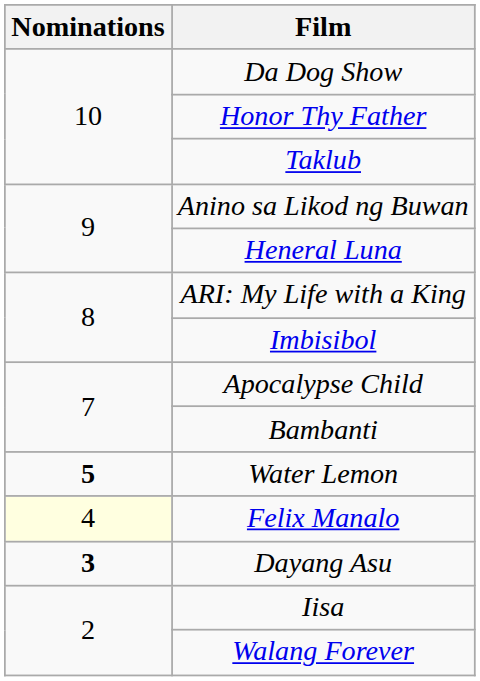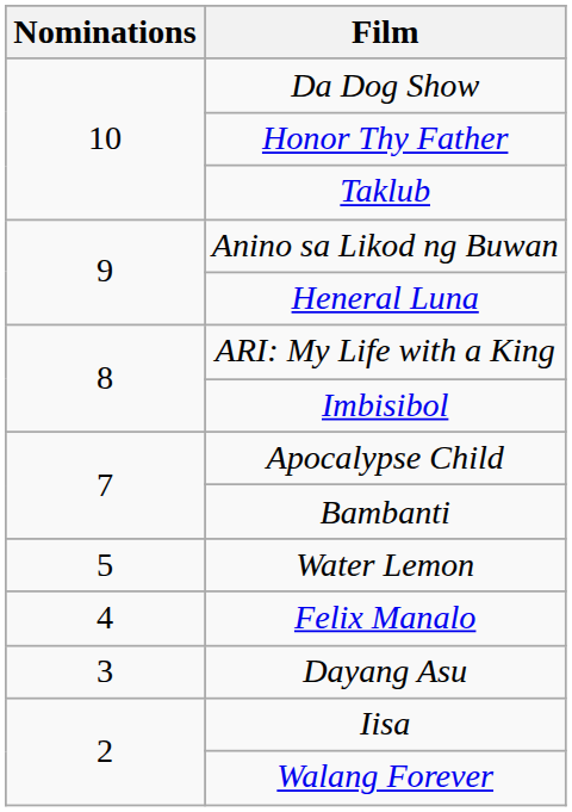 <table class="wikitable" style="text-align:center;">
 <tr>
 <th scope="col" width="55">Nominations</th>
 <th scope="col" align="center">Film</th>
 </tr>
 <tr>
 <td rowspan=3 style="text-align:center">10</td>
 <td><em>Da Dog Show</em></td>
 </tr>
 <tr>
 <td><em><a href='#'>Honor Thy Father</a></em></td>
 </tr>
 <tr>
 <td><em><a href='#'>Taklub</a></em></td>
 </tr>
 <tr>
 <td rowspan=2 style="text-align:center">9</td>
 <td><em>Anino sa Likod ng Buwan</em></td>
 </tr>
 <tr>
 <td><em><a href='#'>Heneral Luna</a></em></td>
 </tr>
 <tr>
 <td rowspan=2 style="text-align:center">8</td>
 <td><em>ARI: My Life with a King</em></td>
 </tr>
 <tr>
 <td><em><a href='#'>Imbisibol</a></em></td>
 </tr>
 <tr>
 <td rowspan=2 style="text-align:center">7</td>
 <td><em>Apocalypse Child</em></td>
 </tr>
 <tr>
 <td><em>Bambanti</em></td>
 </tr>
 <tr>
-<td style="text-align:center"><strong>5</strong></td>
+<td style="text-align:center">5</td>
 <td><em>Water Lemon</em></td>
 </tr>
 <tr>
-<td style="background: lightyellow; text-align:center">4</td>
+<td style="text-align:center">4</td>
 <td><em><a href='#'>Felix Manalo</a></em></td>
 </tr>
 <tr>
-<td style="text-align:center"><strong>3</strong></td>
+<td style="text-align:center">3</td>
 <td><em>Dayang Asu</em></td>
 </tr>
 <tr>
 <td rowspan=2 style="text-align:center">2</td>
 <td><em>Iisa</em></td>
 </tr>
 <tr>
 <td><em><a href='#'>Walang Forever</a></em></td>
 </tr>
 </table>
